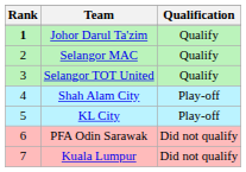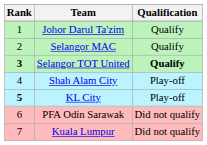 <table class="wikitable" style="text-align:center">
 <tr>
 </tr>
 <tr>
 <th>Rank</th>
 <th>Team</th>
 <th>Qualification</th>
 </tr>
 <tr>
 </tr>
 <tr bgcolor=#BBF3BB>
-<td><strong>1</strong></td>
+<td>1</td>
 <td><a href='#'>Johor Darul Ta'zim</a></td>
 <td>Qualify</td>
 </tr>
 <tr bgcolor=#BBF3BB>
 <td>2</td>
 <td><a href='#'>Selangor MAC</a></td>
 <td>Qualify</td>
 </tr>
 <tr bgcolor=#BBF3BB>
-<td>3</td>
+<td><strong>3</strong></td>
 <td><a href='#'>Selangor TOT United</a></td>
-<td>Qualify</td>
+<td><strong>Qualify</strong></td>
 </tr>
 <tr bgcolor=#BBF3FF>
 <td>4</td>
 <td><a href='#'>Shah Alam City</a></td>
 <td>Play-off</td>
 </tr>
 <tr bgcolor=#BBF3FF>
-<td>5</td>
+<td><strong>5</strong></td>
 <td><a href='#'>KL City</a></td>
 <td>Play-off</td>
 </tr>
 <tr bgcolor=#FFBBBB>
 <td>6</td>
 <td>PFA Odin Sarawak</td>
 <td>Did not qualify</td>
 </tr>
 <tr bgcolor=#FFBBBB>
 <td>7</td>
 <td><a href='#'>Kuala Lumpur</a></td>
 <td>Did not qualify</td>
 </tr>
 </table>
